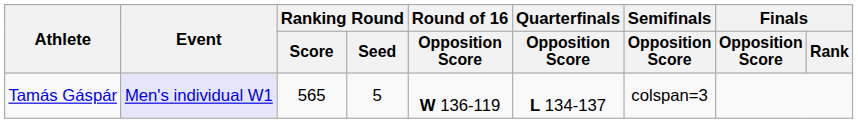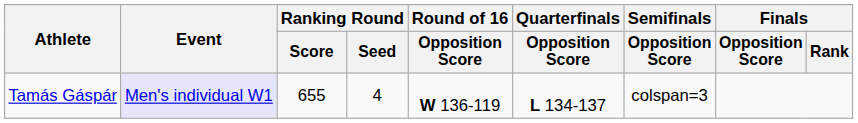 <table class="wikitable" style="text-align: center; font-size:90%">
 <tr>
 <th rowspan="2">Athlete</th>
 <th rowspan="2">Event</th>
 <th colspan="2">Ranking Round</th>
 <th>Round of 16</th>
 <th>Quarterfinals</th>
 <th>Semifinals</th>
 <th colspan="2">Finals</th>
 </tr>
 <tr style="font-size:95%">
 <th>Score</th>
 <th>Seed</th>
 <th>Opposition<br>Score</th>
 <th>Opposition<br>Score</th>
 <th>Opposition<br>Score</th>
 <th>Opposition<br>Score</th>
 <th>Rank</th>
 </tr>
 <tr>
 <td align=left><a href='#'>Tamás Gáspár</a></td>
 <td align=left style="background: lavender;"><a href='#'>Men's individual W1</a></td>
-<td>565</td>
-<td>5</td>
+<td>655</td>
+<td>4</td>
 <td><br><strong>W</strong> 136-119</td>
 <td><br><strong>L</strong> 134-137</td>
 <td>colspan=3 </td>
 </tr>
 </table>
